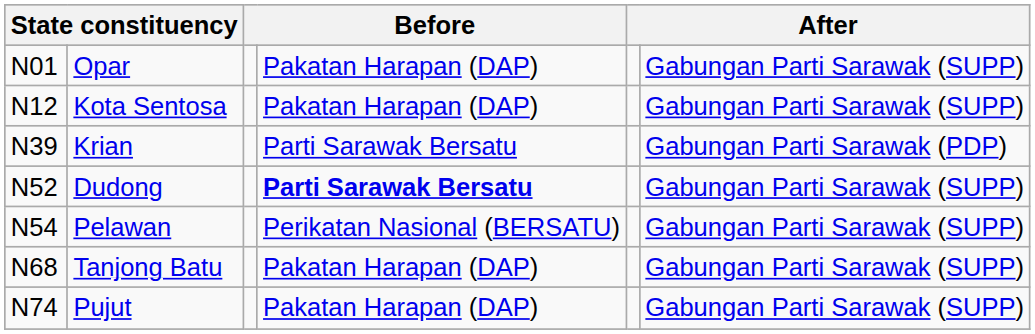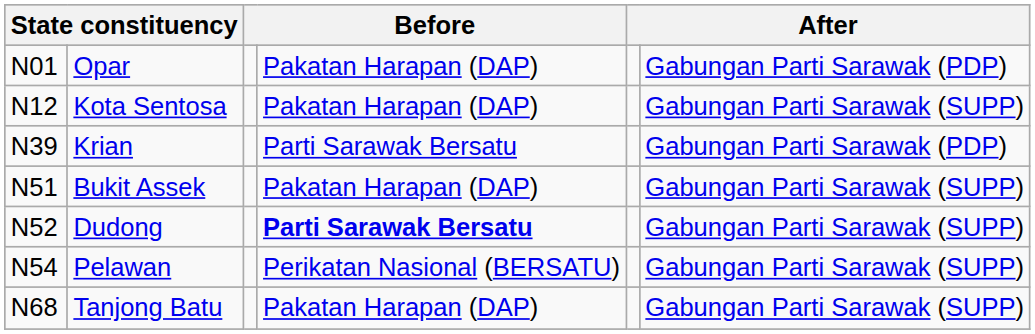 <table class="wikitable sortable" style="font-size:95%;">
 <tr>
 <th colspan="2">State constituency</th>
 <th colspan="2" scope="col">Before</th>
 <th colspan="2" scope="col">After</th>
 </tr>
 <tr>
 <td>N01</td>
 <td><a href='#'>Opar</a></td>
 <td width="1"></td>
 <td><a href='#'>Pakatan Harapan</a> (<a href='#'>DAP</a>)</td>
 <td width="1"></td>
-<td><a href='#'>Gabungan Parti Sarawak</a> (<a href='#'>SUPP</a>)</td>
+<td><a href='#'>Gabungan Parti Sarawak</a> (<a href='#'>PDP</a>)</td>
 </tr>
 <tr>
 <td>N12</td>
 <td><a href='#'>Kota Sentosa</a></td>
 <td width="1"></td>
 <td><a href='#'>Pakatan Harapan</a> (<a href='#'>DAP</a>)</td>
 <td width="1"></td>
 <td><a href='#'>Gabungan Parti Sarawak</a> (<a href='#'>SUPP</a>)</td>
 </tr>
 <tr>
 <td>N39</td>
 <td><a href='#'>Krian</a></td>
 <td width="1"></td>
 <td><a href='#'>Parti Sarawak Bersatu</a></td>
 <td width="1"></td>
 <td><a href='#'>Gabungan Parti Sarawak</a> (<a href='#'>PDP</a>)</td>
+</tr>
+<tr>
+<td>N51</td>
+<td><a href='#'>Bukit Assek</a></td>
+<td width="1"></td>
+<td><a href='#'>Pakatan Harapan</a> (<a href='#'>DAP</a>)</td>
+<td width="1"></td>
+<td><a href='#'>Gabungan Parti Sarawak</a> (<a href='#'>SUPP</a>)</td>
 </tr>
 <tr>
 <td>N52</td>
 <td><a href='#'>Dudong</a></td>
 <td width="1"></td>
 <td><strong><a href='#'>Parti Sarawak Bersatu</a></strong></td>
 <td width="1"></td>
 <td><a href='#'>Gabungan Parti Sarawak</a> (<a href='#'>SUPP</a>)</td>
 </tr>
 <tr>
 <td>N54</td>
 <td><a href='#'>Pelawan</a></td>
 <td width="1"></td>
 <td><a href='#'>Perikatan Nasional</a> (<a href='#'>BERSATU</a>)</td>
 <td width="1"></td>
 <td><a href='#'>Gabungan Parti Sarawak</a> (<a href='#'>SUPP</a>)</td>
 </tr>
 <tr>
 <td>N68</td>
 <td><a href='#'>Tanjong Batu</a></td>
 <td width="1"></td>
 <td><a href='#'>Pakatan Harapan</a> (<a href='#'>DAP</a>)</td>
 <td width="1"></td>
 <td><a href='#'>Gabungan Parti Sarawak</a> (<a href='#'>SUPP</a>)</td>
 </tr>
-<tr>
-<td>N74</td>
-<td><a href='#'>Pujut</a></td>
-<td width="1"></td>
-<td><a href='#'>Pakatan Harapan</a> (<a href='#'>DAP</a>)</td>
-<td width="1"></td>
-<td><a href='#'>Gabungan Parti Sarawak</a> (<a href='#'>SUPP</a>)</td>
-</tr>
 </table>
